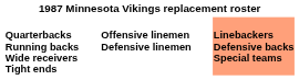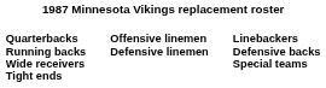 <table class="toccolours" style="text-align:left">
 <tr>
 <th colspan="7" style="text-align:center; "><strong>1987 Minnesota Vikings replacement roster</strong></th>
 </tr>
 <tr>
 <td style="font-size: 95%;" valign="top"><br><strong>Quarterbacks</strong>  <br><strong>Running backs</strong>        <br><strong>Wide receivers</strong>        <br><strong>Tight ends</strong>   </td>
 <td style="width: 25px;"></td>
 <td style="font-size: 95%;" valign="top"><br><strong>Offensive linemen</strong>         <br><strong>Defensive linemen</strong>        </td>
 <td style="width: 25px;"></td>
-<td style="background: lightsalmon; font-size: 95%;" valign="top"><br><strong>Linebackers</strong>      <br><strong>Defensive backs</strong>        <br><strong>Special teams</strong>   </td>
+<td style="font-size: 95%;" valign="top"><br><strong>Linebackers</strong>      <br><strong>Defensive backs</strong>        <br><strong>Special teams</strong>   </td>
 </tr>
 </table>
